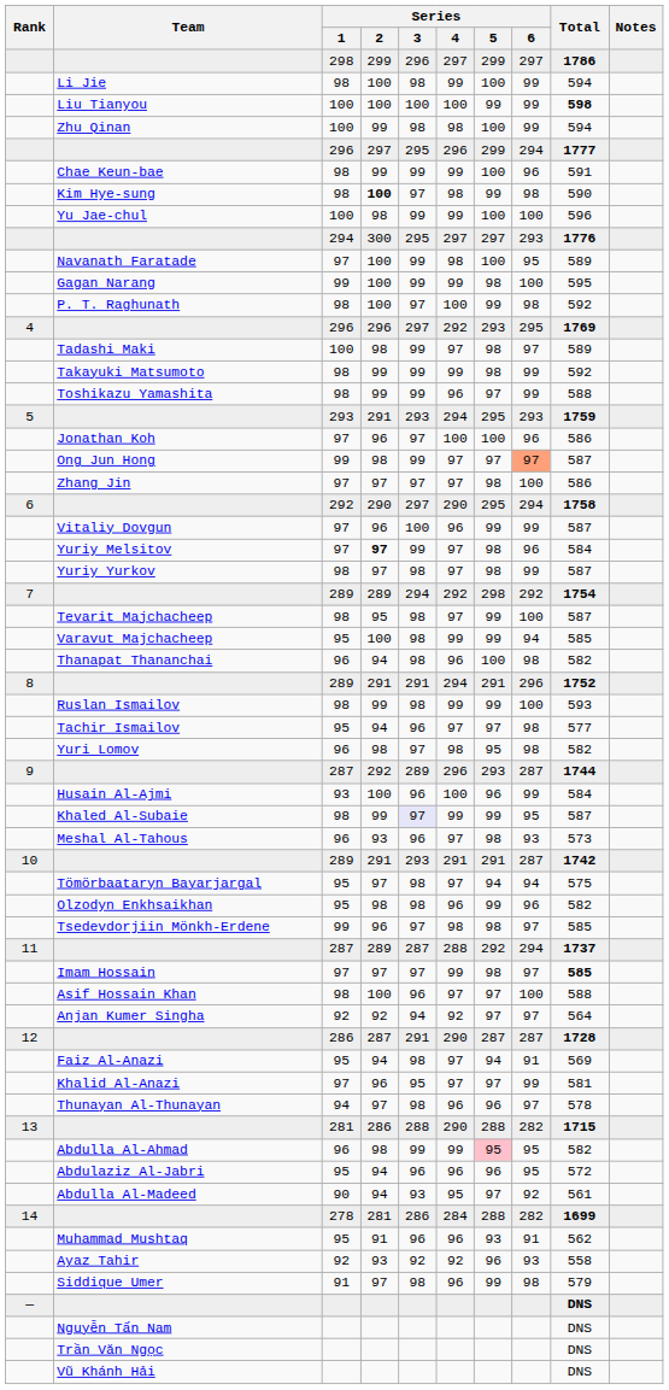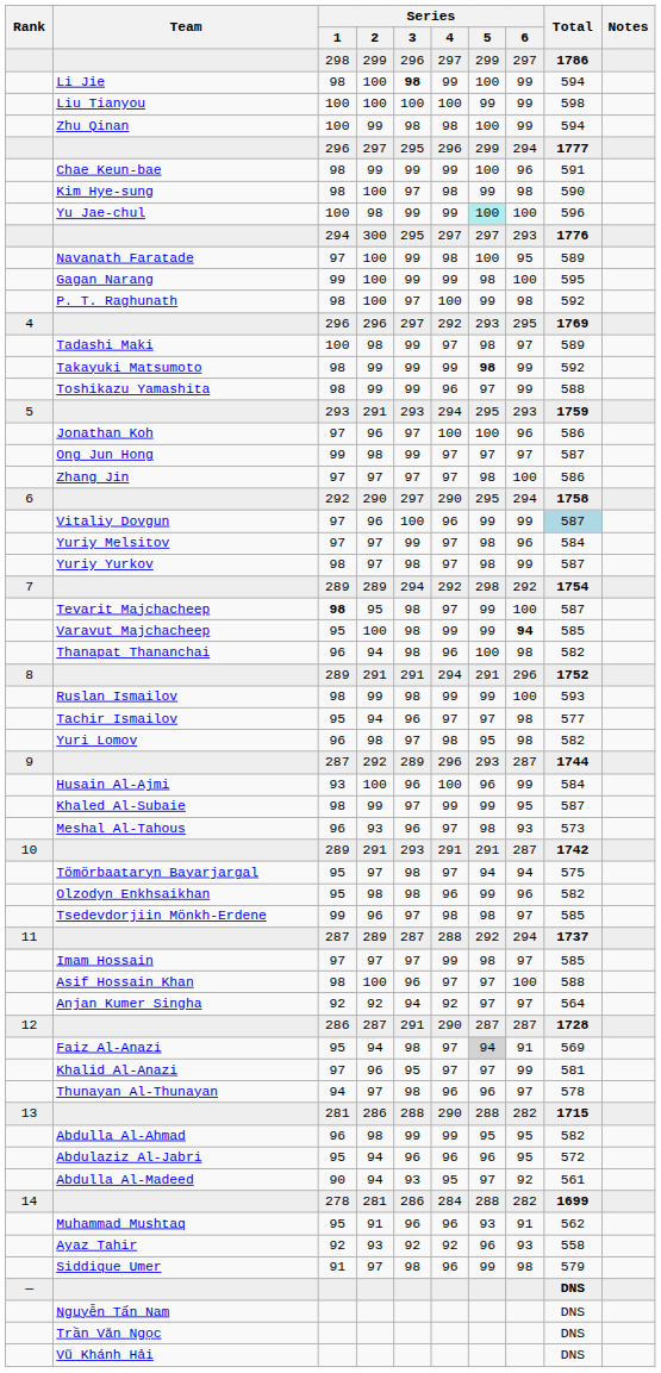 <table class="wikitable" style="text-align:center">
 <tr>
 <th rowspan=2 width=40>Rank</th>
 <th rowspan=2 width=250>Team</th>
 <th colspan=6>Series</th>
 <th rowspan=2 width=50>Total</th>
 <th rowspan=2 width=45>Notes</th>
 </tr>
 <tr>
 <th width=30>1</th>
 <th width=30>2</th>
 <th width=30>3</th>
 <th width=30>4</th>
 <th width=30>5</th>
 <th width=30>6</th>
 </tr>
 <tr bgcolor=eeeeee>
 <td></td>
 <td align=left></td>
 <td>298</td>
 <td>299</td>
 <td>296</td>
 <td>297</td>
 <td>299</td>
 <td>297</td>
 <td><strong>1786</strong></td>
 <td></td>
 </tr>
 <tr>
 <td></td>
 <td align=left><a href='#'>Li Jie</a></td>
 <td>98</td>
 <td>100</td>
-<td>98</td>
+<td><strong>98</strong></td>
 <td>99</td>
 <td>100</td>
 <td>99</td>
 <td>594</td>
 <td></td>
 </tr>
 <tr>
 <td></td>
 <td align=left><a href='#'>Liu Tianyou</a></td>
 <td>100</td>
 <td>100</td>
 <td>100</td>
 <td>100</td>
 <td>99</td>
 <td>99</td>
-<td><strong>598</strong></td>
+<td>598</td>
 <td></td>
 </tr>
 <tr>
 <td></td>
 <td align=left><a href='#'>Zhu Qinan</a></td>
 <td>100</td>
 <td>99</td>
 <td>98</td>
 <td>98</td>
 <td>100</td>
 <td>99</td>
 <td>594</td>
 <td></td>
 </tr>
 <tr bgcolor=eeeeee>
 <td></td>
 <td align=left></td>
 <td>296</td>
 <td>297</td>
 <td>295</td>
 <td>296</td>
 <td>299</td>
 <td>294</td>
 <td><strong>1777</strong></td>
 <td></td>
 </tr>
 <tr>
 <td></td>
 <td align=left><a href='#'>Chae Keun-bae</a></td>
 <td>98</td>
 <td>99</td>
 <td>99</td>
 <td>99</td>
 <td>100</td>
 <td>96</td>
 <td>591</td>
 <td></td>
 </tr>
 <tr>
 <td></td>
 <td align=left><a href='#'>Kim Hye-sung</a></td>
 <td>98</td>
-<td><strong>100</strong></td>
+<td>100</td>
 <td>97</td>
 <td>98</td>
 <td>99</td>
 <td>98</td>
 <td>590</td>
 <td></td>
 </tr>
 <tr>
 <td></td>
 <td align=left><a href='#'>Yu Jae-chul</a></td>
 <td>100</td>
 <td>98</td>
 <td>99</td>
 <td>99</td>
-<td>100</td>
+<td style="background: paleturquoise;">100</td>
 <td>100</td>
 <td>596</td>
 <td></td>
 </tr>
 <tr bgcolor=eeeeee>
 <td></td>
 <td align=left></td>
 <td>294</td>
 <td>300</td>
 <td>295</td>
 <td>297</td>
 <td>297</td>
 <td>293</td>
 <td><strong>1776</strong></td>
 <td></td>
 </tr>
 <tr>
 <td></td>
 <td align=left><a href='#'>Navanath Faratade</a></td>
 <td>97</td>
 <td>100</td>
 <td>99</td>
 <td>98</td>
 <td>100</td>
 <td>95</td>
 <td>589</td>
 <td></td>
 </tr>
 <tr>
 <td></td>
 <td align=left><a href='#'>Gagan Narang</a></td>
 <td>99</td>
 <td>100</td>
 <td>99</td>
 <td>99</td>
 <td>98</td>
 <td>100</td>
 <td>595</td>
 <td></td>
 </tr>
 <tr>
 <td></td>
 <td align=left><a href='#'>P. T. Raghunath</a></td>
 <td>98</td>
 <td>100</td>
 <td>97</td>
 <td>100</td>
 <td>99</td>
 <td>98</td>
 <td>592</td>
 <td></td>
 </tr>
 <tr bgcolor=eeeeee>
 <td>4</td>
 <td align=left></td>
 <td>296</td>
 <td>296</td>
 <td>297</td>
 <td>292</td>
 <td>293</td>
 <td>295</td>
 <td><strong>1769</strong></td>
 <td></td>
 </tr>
 <tr>
 <td></td>
 <td align=left><a href='#'>Tadashi Maki</a></td>
 <td>100</td>
 <td>98</td>
 <td>99</td>
 <td>97</td>
 <td>98</td>
 <td>97</td>
 <td>589</td>
 <td></td>
 </tr>
 <tr>
 <td></td>
 <td align=left><a href='#'>Takayuki Matsumoto</a></td>
 <td>98</td>
 <td>99</td>
 <td>99</td>
 <td>99</td>
-<td>98</td>
+<td><strong>98</strong></td>
 <td>99</td>
 <td>592</td>
 <td></td>
 </tr>
 <tr>
 <td></td>
 <td align=left><a href='#'>Toshikazu Yamashita</a></td>
 <td>98</td>
 <td>99</td>
 <td>99</td>
 <td>96</td>
 <td>97</td>
 <td>99</td>
 <td>588</td>
 <td></td>
 </tr>
 <tr bgcolor=eeeeee>
 <td>5</td>
 <td align=left></td>
 <td>293</td>
 <td>291</td>
 <td>293</td>
 <td>294</td>
 <td>295</td>
 <td>293</td>
 <td><strong>1759</strong></td>
 <td></td>
 </tr>
 <tr>
 <td></td>
 <td align=left><a href='#'>Jonathan Koh</a></td>
 <td>97</td>
 <td>96</td>
 <td>97</td>
 <td>100</td>
 <td>100</td>
 <td>96</td>
 <td>586</td>
 <td></td>
 </tr>
 <tr>
 <td></td>
 <td align=left><a href='#'>Ong Jun Hong</a></td>
 <td>99</td>
 <td>98</td>
 <td>99</td>
 <td>97</td>
 <td>97</td>
-<td style="background: lightsalmon;">97</td>
+<td>97</td>
 <td>587</td>
 <td></td>
 </tr>
 <tr>
 <td></td>
 <td align=left><a href='#'>Zhang Jin</a></td>
 <td>97</td>
 <td>97</td>
 <td>97</td>
 <td>97</td>
 <td>98</td>
 <td>100</td>
 <td>586</td>
 <td></td>
 </tr>
 <tr bgcolor=eeeeee>
 <td>6</td>
 <td align=left></td>
 <td>292</td>
 <td>290</td>
 <td>297</td>
 <td>290</td>
 <td>295</td>
 <td>294</td>
 <td><strong>1758</strong></td>
 <td></td>
 </tr>
 <tr>
 <td></td>
 <td align=left><a href='#'>Vitaliy Dovgun</a></td>
 <td>97</td>
 <td>96</td>
 <td>100</td>
 <td>96</td>
 <td>99</td>
 <td>99</td>
-<td>587</td>
+<td style="background: lightblue;">587</td>
 <td></td>
 </tr>
 <tr>
 <td></td>
 <td align=left><a href='#'>Yuriy Melsitov</a></td>
 <td>97</td>
-<td><strong>97</strong></td>
+<td>97</td>
 <td>99</td>
 <td>97</td>
 <td>98</td>
 <td>96</td>
 <td>584</td>
 <td></td>
 </tr>
 <tr>
 <td></td>
 <td align=left><a href='#'>Yuriy Yurkov</a></td>
 <td>98</td>
 <td>97</td>
 <td>98</td>
 <td>97</td>
 <td>98</td>
 <td>99</td>
 <td>587</td>
 <td></td>
 </tr>
 <tr bgcolor=eeeeee>
 <td>7</td>
 <td align=left></td>
 <td>289</td>
 <td>289</td>
 <td>294</td>
 <td>292</td>
 <td>298</td>
 <td>292</td>
 <td><strong>1754</strong></td>
 <td></td>
 </tr>
 <tr>
 <td></td>
 <td align=left><a href='#'>Tevarit Majchacheep</a></td>
-<td>98</td>
+<td><strong>98</strong></td>
 <td>95</td>
 <td>98</td>
 <td>97</td>
 <td>99</td>
 <td>100</td>
 <td>587</td>
 <td></td>
 </tr>
 <tr>
 <td></td>
 <td align=left><a href='#'>Varavut Majchacheep</a></td>
 <td>95</td>
 <td>100</td>
 <td>98</td>
 <td>99</td>
 <td>99</td>
-<td>94</td>
+<td><strong>94</strong></td>
 <td>585</td>
 <td></td>
 </tr>
 <tr>
 <td></td>
 <td align=left><a href='#'>Thanapat Thananchai</a></td>
 <td>96</td>
 <td>94</td>
 <td>98</td>
 <td>96</td>
 <td>100</td>
 <td>98</td>
 <td>582</td>
 <td></td>
 </tr>
 <tr bgcolor=eeeeee>
 <td>8</td>
 <td align=left></td>
 <td>289</td>
 <td>291</td>
 <td>291</td>
 <td>294</td>
 <td>291</td>
 <td>296</td>
 <td><strong>1752</strong></td>
 <td></td>
 </tr>
 <tr>
 <td></td>
 <td align=left><a href='#'>Ruslan Ismailov</a></td>
 <td>98</td>
 <td>99</td>
 <td>98</td>
 <td>99</td>
 <td>99</td>
 <td>100</td>
 <td>593</td>
 <td></td>
 </tr>
 <tr>
 <td></td>
 <td align=left><a href='#'>Tachir Ismailov</a></td>
 <td>95</td>
 <td>94</td>
 <td>96</td>
 <td>97</td>
 <td>97</td>
 <td>98</td>
 <td>577</td>
 <td></td>
 </tr>
 <tr>
 <td></td>
 <td align=left><a href='#'>Yuri Lomov</a></td>
 <td>96</td>
 <td>98</td>
 <td>97</td>
 <td>98</td>
 <td>95</td>
 <td>98</td>
 <td>582</td>
 <td></td>
 </tr>
 <tr bgcolor=eeeeee>
 <td>9</td>
 <td align=left></td>
 <td>287</td>
 <td>292</td>
 <td>289</td>
 <td>296</td>
 <td>293</td>
 <td>287</td>
 <td><strong>1744</strong></td>
 <td></td>
 </tr>
 <tr>
 <td></td>
 <td align=left><a href='#'>Husain Al-Ajmi</a></td>
 <td>93</td>
 <td>100</td>
 <td>96</td>
 <td>100</td>
 <td>96</td>
 <td>99</td>
 <td>584</td>
 <td></td>
 </tr>
 <tr>
 <td></td>
 <td align=left><a href='#'>Khaled Al-Subaie</a></td>
 <td>98</td>
 <td>99</td>
-<td style="background: lavender;">97</td>
+<td>97</td>
 <td>99</td>
 <td>99</td>
 <td>95</td>
 <td>587</td>
 <td></td>
 </tr>
 <tr>
 <td></td>
 <td align=left><a href='#'>Meshal Al-Tahous</a></td>
 <td>96</td>
 <td>93</td>
 <td>96</td>
 <td>97</td>
 <td>98</td>
 <td>93</td>
 <td>573</td>
 <td></td>
 </tr>
 <tr bgcolor=eeeeee>
 <td>10</td>
 <td align=left></td>
 <td>289</td>
 <td>291</td>
 <td>293</td>
 <td>291</td>
 <td>291</td>
 <td>287</td>
 <td><strong>1742</strong></td>
 <td></td>
 </tr>
 <tr>
 <td></td>
 <td align=left><a href='#'>Tömörbaataryn Bayarjargal</a></td>
 <td>95</td>
 <td>97</td>
 <td>98</td>
 <td>97</td>
 <td>94</td>
 <td>94</td>
 <td>575</td>
 <td></td>
 </tr>
 <tr>
 <td></td>
 <td align=left><a href='#'>Olzodyn Enkhsaikhan</a></td>
 <td>95</td>
 <td>98</td>
 <td>98</td>
 <td>96</td>
 <td>99</td>
 <td>96</td>
 <td>582</td>
 <td></td>
 </tr>
 <tr>
 <td></td>
 <td align=left><a href='#'>Tsedevdorjiin Mönkh-Erdene</a></td>
 <td>99</td>
 <td>96</td>
 <td>97</td>
 <td>98</td>
 <td>98</td>
 <td>97</td>
 <td>585</td>
 <td></td>
 </tr>
 <tr bgcolor=eeeeee>
 <td>11</td>
 <td align=left></td>
 <td>287</td>
 <td>289</td>
 <td>287</td>
 <td>288</td>
 <td>292</td>
 <td>294</td>
 <td><strong>1737</strong></td>
 <td></td>
 </tr>
 <tr>
 <td></td>
 <td align=left><a href='#'>Imam Hossain</a></td>
 <td>97</td>
 <td>97</td>
 <td>97</td>
 <td>99</td>
 <td>98</td>
 <td>97</td>
-<td><strong>585</strong></td>
+<td>585</td>
 <td></td>
 </tr>
 <tr>
 <td></td>
 <td align=left><a href='#'>Asif Hossain Khan</a></td>
 <td>98</td>
 <td>100</td>
 <td>96</td>
 <td>97</td>
 <td>97</td>
 <td>100</td>
 <td>588</td>
 <td></td>
 </tr>
 <tr>
 <td></td>
 <td align=left><a href='#'>Anjan Kumer Singha</a></td>
 <td>92</td>
 <td>92</td>
 <td>94</td>
 <td>92</td>
 <td>97</td>
 <td>97</td>
 <td>564</td>
 <td></td>
 </tr>
 <tr bgcolor=eeeeee>
 <td>12</td>
 <td align=left></td>
 <td>286</td>
 <td>287</td>
 <td>291</td>
 <td>290</td>
 <td>287</td>
 <td>287</td>
 <td><strong>1728</strong></td>
 <td></td>
 </tr>
 <tr>
 <td></td>
 <td align=left><a href='#'>Faiz Al-Anazi</a></td>
 <td>95</td>
 <td>94</td>
 <td>98</td>
 <td>97</td>
-<td>94</td>
+<td style="background: lightgrey;">94</td>
 <td>91</td>
 <td>569</td>
 <td></td>
 </tr>
 <tr>
 <td></td>
 <td align=left><a href='#'>Khalid Al-Anazi</a></td>
 <td>97</td>
 <td>96</td>
 <td>95</td>
 <td>97</td>
 <td>97</td>
 <td>99</td>
 <td>581</td>
 <td></td>
 </tr>
 <tr>
 <td></td>
 <td align=left><a href='#'>Thunayan Al-Thunayan</a></td>
 <td>94</td>
 <td>97</td>
 <td>98</td>
 <td>96</td>
 <td>96</td>
 <td>97</td>
 <td>578</td>
 <td></td>
 </tr>
 <tr bgcolor=eeeeee>
 <td>13</td>
 <td align=left></td>
 <td>281</td>
 <td>286</td>
 <td>288</td>
 <td>290</td>
 <td>288</td>
 <td>282</td>
 <td><strong>1715</strong></td>
 <td></td>
 </tr>
 <tr>
 <td></td>
 <td align=left><a href='#'>Abdulla Al-Ahmad</a></td>
 <td>96</td>
 <td>98</td>
 <td>99</td>
 <td>99</td>
-<td style="background: pink;">95</td>
+<td>95</td>
 <td>95</td>
 <td>582</td>
 <td></td>
 </tr>
 <tr>
 <td></td>
 <td align=left><a href='#'>Abdulaziz Al-Jabri</a></td>
 <td>95</td>
 <td>94</td>
 <td>96</td>
 <td>96</td>
 <td>96</td>
 <td>95</td>
 <td>572</td>
 <td></td>
 </tr>
 <tr>
 <td></td>
 <td align=left><a href='#'>Abdulla Al-Madeed</a></td>
 <td>90</td>
 <td>94</td>
 <td>93</td>
 <td>95</td>
 <td>97</td>
 <td>92</td>
 <td>561</td>
 <td></td>
 </tr>
 <tr bgcolor=eeeeee>
 <td>14</td>
 <td align=left></td>
 <td>278</td>
 <td>281</td>
 <td>286</td>
 <td>284</td>
 <td>288</td>
 <td>282</td>
 <td><strong>1699</strong></td>
 <td></td>
 </tr>
 <tr>
 <td></td>
 <td align=left><a href='#'>Muhammad Mushtaq</a></td>
 <td>95</td>
 <td>91</td>
 <td>96</td>
 <td>96</td>
 <td>93</td>
 <td>91</td>
 <td>562</td>
 <td></td>
 </tr>
 <tr>
 <td></td>
 <td align=left><a href='#'>Ayaz Tahir</a></td>
 <td>92</td>
 <td>93</td>
 <td>92</td>
 <td>92</td>
 <td>96</td>
 <td>93</td>
 <td>558</td>
 <td></td>
 </tr>
 <tr>
 <td></td>
 <td align=left><a href='#'>Siddique Umer</a></td>
 <td>91</td>
 <td>97</td>
 <td>98</td>
 <td>96</td>
 <td>99</td>
 <td>98</td>
 <td>579</td>
 <td></td>
 </tr>
 <tr bgcolor=eeeeee>
 <td>—</td>
 <td align=left></td>
 <td></td>
 <td></td>
 <td></td>
 <td></td>
 <td></td>
 <td></td>
 <td><strong>DNS</strong></td>
 <td></td>
 </tr>
 <tr>
 <td></td>
 <td align=left><a href='#'>Nguyễn Tấn Nam</a></td>
 <td></td>
 <td></td>
 <td></td>
 <td></td>
 <td></td>
 <td></td>
 <td>DNS</td>
 <td></td>
 </tr>
 <tr>
 <td></td>
 <td align=left><a href='#'>Trần Văn Ngọc</a></td>
 <td></td>
 <td></td>
 <td></td>
 <td></td>
 <td></td>
 <td></td>
 <td>DNS</td>
 <td></td>
 </tr>
 <tr>
 <td></td>
 <td align=left><a href='#'>Vũ Khánh Hải</a></td>
 <td></td>
 <td></td>
 <td></td>
 <td></td>
 <td></td>
 <td></td>
 <td>DNS</td>
 <td></td>
 </tr>
 </table>
